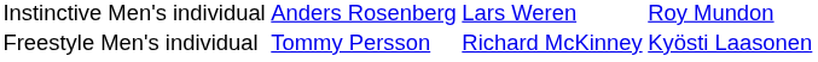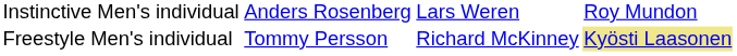 <table>
 <tr>
 <td>Instinctive Men's individual<br></td>
 <td> <a href='#'>Anders Rosenberg</a></td>
 <td> <a href='#'>Lars Weren</a></td>
 <td> <a href='#'>Roy Mundon</a></td>
 </tr>
 <tr>
 <td>Freestyle Men's individual<br></td>
 <td> <a href='#'>Tommy Persson</a></td>
 <td> <a href='#'>Richard McKinney</a></td>
-<td> <a href='#'>Kyösti Laasonen</a></td>
+<td style="background: khaki;"> <a href='#'>Kyösti Laasonen</a></td>
 </tr>
 </table>
